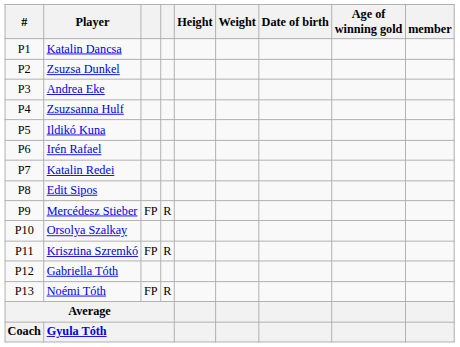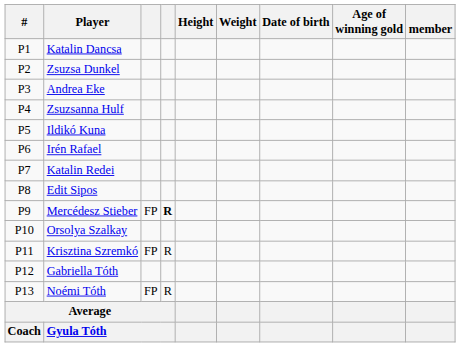 <table class="wikitable sortable" style="text-align: center; font-size: 85%; margin-left: 1em;">
 <tr>
 <th>#</th>
 <th>Player</th>
 <th></th>
 <th></th>
 <th>Height</th>
 <th>Weight</th>
 <th>Date of birth</th>
 <th>Age of<br>winning gold</th>
 <th><br>member</th>
 </tr>
 <tr>
 <td>P1</td>
 <td style="text-align: left;" data-sort-value="Dancsa, Katalin"><a href='#'>Katalin Dancsa</a></td>
 <td></td>
 <td></td>
 <td style="text-align: left;"></td>
 <td style="text-align: right;"></td>
 <td style="text-align: right;"></td>
 <td style="text-align: left;"></td>
 <td></td>
 </tr>
 <tr>
 <td>P2</td>
 <td style="text-align: left;" data-sort-value="Dunkel, Zsuzsa"><a href='#'>Zsuzsa Dunkel</a></td>
 <td></td>
 <td></td>
 <td style="text-align: left;"></td>
 <td style="text-align: right;"></td>
 <td style="text-align: right;"></td>
 <td style="text-align: left;"></td>
 <td></td>
 </tr>
 <tr>
 <td>P3</td>
 <td style="text-align: left;" data-sort-value="Eke, Andrea"><a href='#'>Andrea Eke</a></td>
 <td></td>
 <td></td>
 <td style="text-align: left;"></td>
 <td style="text-align: right;"></td>
 <td style="text-align: right;"></td>
 <td style="text-align: left;"></td>
 <td></td>
 </tr>
 <tr>
 <td>P4</td>
 <td style="text-align: left;" data-sort-value="Hulf, Zsuzsanna"><a href='#'>Zsuzsanna Hulf</a></td>
 <td></td>
 <td></td>
 <td style="text-align: left;"></td>
 <td style="text-align: right;"></td>
 <td style="text-align: right;"></td>
 <td style="text-align: left;"></td>
 <td></td>
 </tr>
 <tr>
 <td>P5</td>
 <td style="text-align: left;" data-sort-value="Kuna, Ildikó"><a href='#'>Ildikó Kuna</a></td>
 <td></td>
 <td></td>
 <td style="text-align: left;"></td>
 <td style="text-align: right;"></td>
 <td style="text-align: right;"></td>
 <td style="text-align: left;"></td>
 <td></td>
 </tr>
 <tr>
 <td>P6</td>
 <td style="text-align: left;" data-sort-value="Rafael, Irén"><a href='#'>Irén Rafael</a></td>
 <td></td>
 <td></td>
 <td style="text-align: left;"></td>
 <td style="text-align: right;"></td>
 <td style="text-align: right;"></td>
 <td style="text-align: left;"></td>
 <td></td>
 </tr>
 <tr>
 <td>P7</td>
 <td style="text-align: left;" data-sort-value="Redei, Katalin"><a href='#'>Katalin Redei</a></td>
 <td></td>
 <td></td>
 <td style="text-align: left;"></td>
 <td style="text-align: right;"></td>
 <td style="text-align: right;"></td>
 <td style="text-align: left;"></td>
 <td></td>
 </tr>
 <tr>
 <td>P8</td>
 <td style="text-align: left;" data-sort-value="Sipos, Edit"><a href='#'>Edit Sipos</a></td>
 <td></td>
 <td></td>
 <td style="text-align: left;"></td>
 <td style="text-align: right;"></td>
 <td style="text-align: right;"></td>
 <td style="text-align: left;"></td>
 <td></td>
 </tr>
 <tr>
 <td>P9</td>
 <td style="text-align: left;" data-sort-value="Stieber, Mercédesz"><a href='#'>Mercédesz Stieber</a></td>
 <td>FP</td>
-<td>R</td>
+<td><strong>R</strong></td>
 <td style="text-align: left;"></td>
 <td style="text-align: right;"></td>
 <td style="text-align: right;"></td>
 <td style="text-align: left;"></td>
 <td></td>
 </tr>
 <tr>
 <td>P10</td>
 <td style="text-align: left;" data-sort-value="Szalkay, Orsolya"><a href='#'>Orsolya Szalkay</a></td>
 <td></td>
 <td></td>
 <td style="text-align: left;"></td>
 <td style="text-align: right;"></td>
 <td style="text-align: right;"></td>
 <td style="text-align: left;"></td>
 <td></td>
 </tr>
 <tr>
 <td>P11</td>
 <td style="text-align: left;" data-sort-value="Szremkó, Krisztina"><a href='#'>Krisztina Szremkó</a></td>
 <td>FP</td>
 <td>R</td>
 <td style="text-align: left;"></td>
 <td style="text-align: right;"></td>
 <td style="text-align: right;"></td>
 <td style="text-align: left;"></td>
 <td></td>
 </tr>
 <tr>
 <td>P12</td>
 <td style="text-align: left;" data-sort-value="Tóth, Gabriella"><a href='#'>Gabriella Tóth</a></td>
 <td></td>
 <td></td>
 <td style="text-align: left;"></td>
 <td style="text-align: right;"></td>
 <td style="text-align: right;"></td>
 <td style="text-align: left;"></td>
 <td></td>
 </tr>
 <tr>
 <td>P13</td>
 <td style="text-align: left;" data-sort-value="Tóth, Noémi"><a href='#'>Noémi Tóth</a></td>
 <td>FP</td>
 <td>R</td>
 <td style="text-align: left;"></td>
 <td style="text-align: right;"></td>
 <td style="text-align: right;"></td>
 <td style="text-align: left;"></td>
 <td></td>
 </tr>
 <tr>
 <th colspan="4">Average</th>
 <th style="text-align: left;"></th>
 <th style="text-align: right;"></th>
 <th style="text-align: right;"></th>
 <th style="text-align: left;"></th>
 <th></th>
 </tr>
 <tr>
 <th>Coach</th>
 <th colspan="3" style="text-align: left;"><a href='#'>Gyula Tóth</a></th>
 <th style="text-align: left;"></th>
 <th></th>
 <th style="text-align: right;"></th>
 <th style="text-align: left;"></th>
 <th></th>
 </tr>
 </table>
